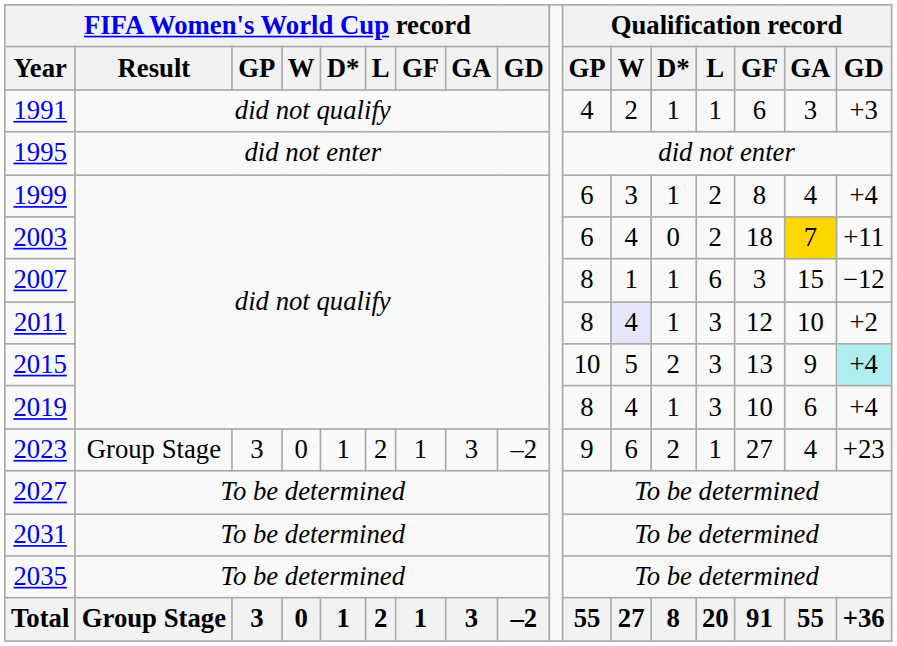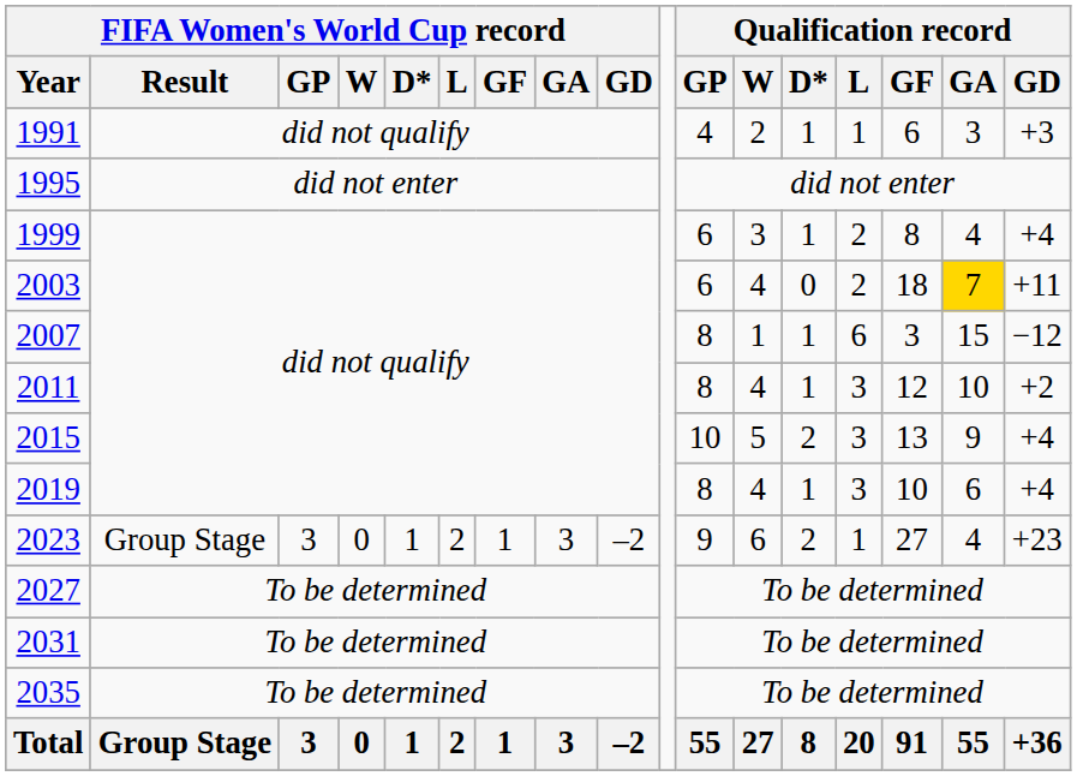 <table class="wikitable" style="text-align: center;">
 <tr>
 <th colspan=9><a href='#'>FIFA Women's World Cup</a> record</th>
 <td rowspan=15></td>
 <th colspan=7>Qualification record</th>
 </tr>
 <tr>
 <th>Year</th>
 <th>Result</th>
 <th>GP</th>
 <th>W</th>
 <th>D*</th>
 <th>L</th>
 <th>GF</th>
 <th>GA</th>
 <th>GD</th>
 <th>GP</th>
 <th>W</th>
 <th>D*</th>
 <th>L</th>
 <th>GF</th>
 <th>GA</th>
 <th>GD</th>
 </tr>
 <tr>
 <td> <a href='#'>1991</a></td>
 <td colspan=8><em>did not qualify</em></td>
 <td>4</td>
 <td>2</td>
 <td>1</td>
 <td>1</td>
 <td>6</td>
 <td>3</td>
 <td>+3</td>
 </tr>
 <tr>
 <td> <a href='#'>1995</a></td>
 <td colspan=8><em>did not enter</em></td>
 <td colspan=7><em>did not enter</em></td>
 </tr>
 <tr>
 <td> <a href='#'>1999</a></td>
 <td colspan=8 rowspan=6><em>did not qualify</em></td>
 <td>6</td>
 <td>3</td>
 <td>1</td>
 <td>2</td>
 <td>8</td>
 <td>4</td>
 <td>+4</td>
 </tr>
 <tr>
 <td> <a href='#'>2003</a></td>
 <td>6</td>
 <td>4</td>
 <td>0</td>
 <td>2</td>
 <td>18</td>
 <td style="background: gold;">7</td>
 <td>+11</td>
 </tr>
 <tr>
 <td> <a href='#'>2007</a></td>
 <td>8</td>
 <td>1</td>
 <td>1</td>
 <td>6</td>
 <td>3</td>
 <td>15</td>
 <td>−12</td>
 </tr>
 <tr>
 <td> <a href='#'>2011</a></td>
 <td>8</td>
-<td style="background: lavender;">4</td>
+<td>4</td>
 <td>1</td>
 <td>3</td>
 <td>12</td>
 <td>10</td>
 <td>+2</td>
 </tr>
 <tr>
 <td> <a href='#'>2015</a></td>
 <td>10</td>
 <td>5</td>
 <td>2</td>
 <td>3</td>
 <td>13</td>
 <td>9</td>
-<td style="background: paleturquoise;">+4</td>
+<td>+4</td>
 </tr>
 <tr>
 <td> <a href='#'>2019</a></td>
 <td>8</td>
 <td>4</td>
 <td>1</td>
 <td>3</td>
 <td>10</td>
 <td>6</td>
 <td>+4</td>
 </tr>
 <tr>
 <td> <a href='#'>2023</a></td>
 <td>Group Stage</td>
 <td>3</td>
 <td>0</td>
 <td>1</td>
 <td>2</td>
 <td>1</td>
 <td>3</td>
 <td>–2</td>
 <td>9</td>
 <td>6</td>
 <td>2</td>
 <td>1</td>
 <td>27</td>
 <td>4</td>
 <td>+23</td>
 </tr>
 <tr>
 <td> <a href='#'>2027</a></td>
 <td colspan=8><em>To be determined</em></td>
 <td colspan=7><em>To be determined</em></td>
 </tr>
 <tr>
 <td> <a href='#'>2031</a></td>
 <td colspan=8><em>To be determined</em></td>
 <td colspan=7><em>To be determined</em></td>
 </tr>
 <tr>
 <td> <a href='#'>2035</a></td>
 <td colspan=8><em>To be determined</em></td>
 <td colspan=7><em>To be determined</em></td>
 </tr>
 <tr>
 <th>Total</th>
 <th>Group Stage</th>
 <th>3</th>
 <th>0</th>
 <th>1</th>
 <th>2</th>
 <th>1</th>
 <th>3</th>
 <th>–2</th>
 <th>55</th>
 <th>27</th>
 <th>8</th>
 <th>20</th>
 <th>91</th>
 <th>55</th>
 <th>+36</th>
 </tr>
 </table>
